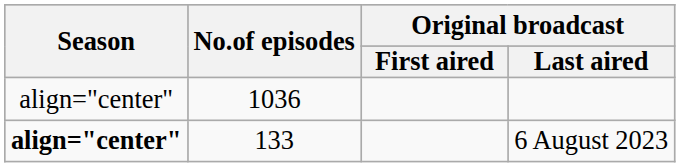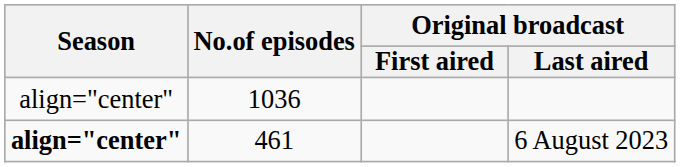 <table class="wikitable" style="text-align:center">
 <tr>
 <th style="padding: 0 8px" rowspan="2">Season</th>
 <th rowspan="2">No.of episodes</th>
 <th colspan="2">Original broadcast</th>
 </tr>
 <tr>
 <th style="padding: 0 8px">First aired</th>
 <th style="padding: 0 8px">Last aired</th>
 </tr>
 <tr>
 <td>align="center" </td>
 <td style="text-align:center;">1036</td>
 <td style="text-align:center;"></td>
 <td style="text-align:center;"></td>
 </tr>
 <tr>
 <td><strong>align="center" </strong></td>
-<td style="text-align:center;">133</td>
+<td style="text-align:center;">461</td>
 <td style="text-align:center;"></td>
 <td>6 August 2023</td>
 </tr>
 </table>
